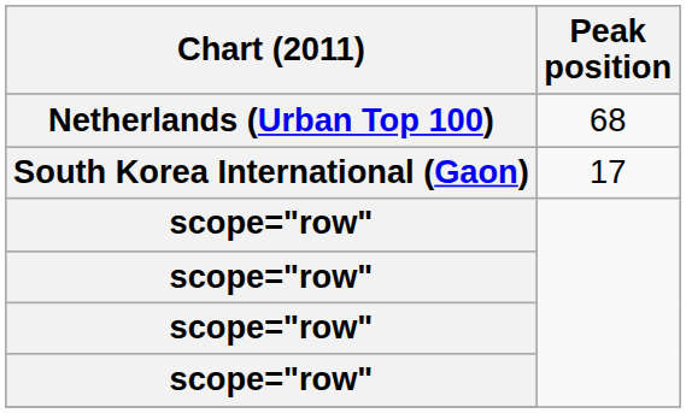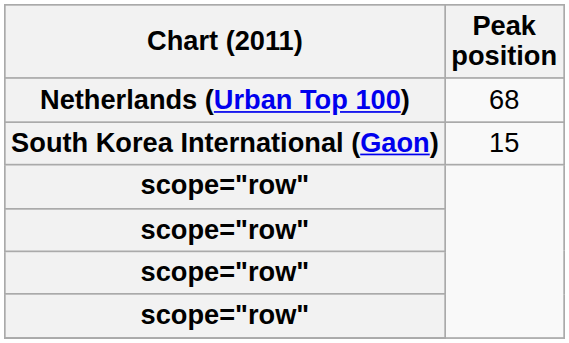 <table class="wikitable sortable plainrowheaders">
 <tr>
 <th>Chart (2011)</th>
 <th>Peak<br>position</th>
 </tr>
 <tr>
 <th scope="row">Netherlands (<a href='#'>Urban Top 100</a>)</th>
 <td align="center">68</td>
 </tr>
 <tr>
 <th scope="row">South Korea International (<a href='#'>Gaon</a>)</th>
-<td style="text-align:center;">17</td>
+<td style="text-align:center;">15</td>
 </tr>
 <tr>
 <th>scope="row" </th>
 </tr>
 <tr>
 <th>scope="row" </th>
 </tr>
 <tr>
 <th>scope="row" </th>
 </tr>
 <tr>
 <th>scope="row" </th>
 </tr>
 <tr>
 </tr>
 </table>
